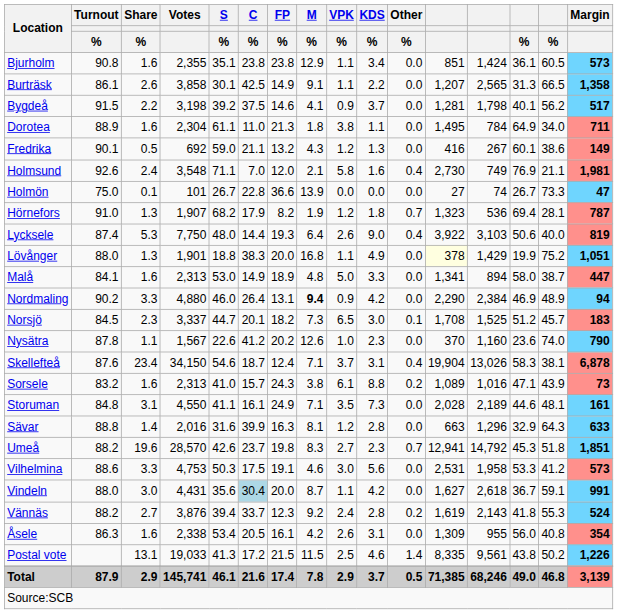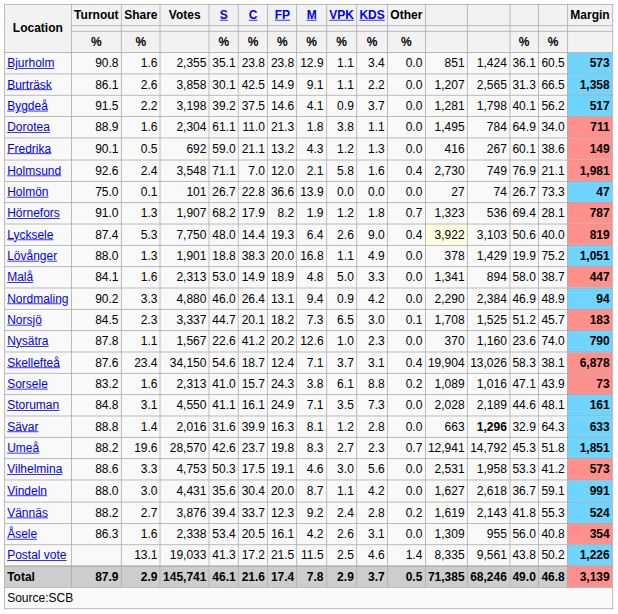 <table class="wikitable sortable" style="text-align:right; font-size:95%; line-height:20px;">
 <tr>
 <th rowspan="3">Location</th>
 <th>Turnout</th>
 <th>Share</th>
 <th>Votes</th>
 <th width="30px" class="unsortable"><a href='#'>S</a></th>
 <th width="30px" class="unsortable"><a href='#'>C</a></th>
 <th width="30px" class="unsortable"><a href='#'>FP</a></th>
 <th width="30px" class="unsortable"><a href='#'>M</a></th>
 <th width="30px" class="unsortable"><a href='#'>VPK</a></th>
 <th width="30px" class="unsortable"><a href='#'>KDS</a></th>
 <th width="30px" class="unsortable">Other</th>
 <th></th>
 <th></th>
 <th></th>
 <th></th>
 <th>Margin</th>
 </tr>
 <tr>
 <th></th>
 <th></th>
 <th></th>
 <th style="background:"></th>
 <th style="background:"></th>
 <th style="background:"></th>
 <th style="background:"></th>
 <th style="background:"></th>
 <th style="background:"></th>
 <th style="background:"></th>
 <th style="background:"></th>
 <th style="background:"></th>
 <th style="background:"></th>
 <th style="background:"></th>
 <th></th>
 </tr>
 <tr>
 <th data-sort-type="number">%</th>
 <th data-sort-type="number">%</th>
 <th></th>
 <th data-sort-type="number">%</th>
 <th data-sort-type="number">%</th>
 <th data-sort-type="number">%</th>
 <th data-sort-type="number">%</th>
 <th data-sort-type="number">%</th>
 <th data-sort-type="number">%</th>
 <th data-sort-type="number">%</th>
 <th data-sort-type="number"></th>
 <th data-sort-type="number"></th>
 <th data-sort-type="number">%</th>
 <th data-sort-type="number">%</th>
 <th data-sort-type="number"></th>
 </tr>
 <tr>
 <td align=left><a href='#'>Bjurholm</a></td>
 <td>90.8</td>
 <td>1.6</td>
 <td>2,355</td>
 <td>35.1</td>
 <td>23.8</td>
 <td>23.8</td>
 <td>12.9</td>
 <td>1.1</td>
 <td>3.4</td>
 <td>0.0</td>
 <td>851</td>
 <td>1,424</td>
 <td>36.1</td>
 <td>60.5</td>
 <td bgcolor=#6fd5fe><strong>573</strong></td>
 </tr>
 <tr>
 <td align=left><a href='#'>Burträsk</a></td>
 <td>86.1</td>
 <td>2.6</td>
 <td>3,858</td>
 <td>30.1</td>
 <td>42.5</td>
 <td>14.9</td>
 <td>9.1</td>
 <td>1.1</td>
 <td>2.2</td>
 <td>0.0</td>
 <td>1,207</td>
 <td>2,565</td>
 <td>31.3</td>
 <td>66.5</td>
 <td bgcolor=#6fd5fe><strong>1,358</strong></td>
 </tr>
 <tr>
 <td align=left><a href='#'>Bygdeå</a></td>
 <td>91.5</td>
 <td>2.2</td>
 <td>3,198</td>
 <td>39.2</td>
 <td>37.5</td>
 <td>14.6</td>
 <td>4.1</td>
 <td>0.9</td>
 <td>3.7</td>
 <td>0.0</td>
 <td>1,281</td>
 <td>1,798</td>
 <td>40.1</td>
 <td>56.2</td>
 <td bgcolor=#6fd5fe><strong>517</strong></td>
 </tr>
 <tr>
 <td align=left><a href='#'>Dorotea</a></td>
 <td>88.9</td>
 <td>1.6</td>
 <td>2,304</td>
 <td>61.1</td>
 <td>11.0</td>
 <td>21.3</td>
 <td>1.8</td>
 <td>3.8</td>
 <td>1.1</td>
 <td>0.0</td>
 <td>1,495</td>
 <td>784</td>
 <td>64.9</td>
 <td>34.0</td>
 <td bgcolor=#ff908c><strong>711</strong></td>
 </tr>
 <tr>
 <td align=left><a href='#'>Fredrika</a></td>
 <td>90.1</td>
 <td>0.5</td>
 <td>692</td>
 <td>59.0</td>
 <td>21.1</td>
 <td>13.2</td>
 <td>4.3</td>
 <td>1.2</td>
 <td>1.3</td>
 <td>0.0</td>
 <td>416</td>
 <td>267</td>
 <td>60.1</td>
 <td>38.6</td>
 <td bgcolor=#ff908c><strong>149</strong></td>
 </tr>
 <tr>
 <td align=left><a href='#'>Holmsund</a></td>
 <td>92.6</td>
 <td>2.4</td>
 <td>3,548</td>
 <td>71.1</td>
 <td>7.0</td>
 <td>12.0</td>
 <td>2.1</td>
 <td>5.8</td>
 <td>1.6</td>
 <td>0.4</td>
 <td>2,730</td>
 <td>749</td>
 <td>76.9</td>
 <td>21.1</td>
 <td bgcolor=#ff908c><strong>1,981</strong></td>
 </tr>
 <tr>
 <td align=left><a href='#'>Holmön</a></td>
 <td>75.0</td>
 <td>0.1</td>
 <td>101</td>
 <td>26.7</td>
 <td>22.8</td>
 <td>36.6</td>
 <td>13.9</td>
 <td>0.0</td>
 <td>0.0</td>
 <td>0.0</td>
 <td>27</td>
 <td>74</td>
 <td>26.7</td>
 <td>73.3</td>
 <td bgcolor=#6fd5fe><strong>47</strong></td>
 </tr>
 <tr>
 <td align=left><a href='#'>Hörnefors</a></td>
 <td>91.0</td>
 <td>1.3</td>
 <td>1,907</td>
 <td>68.2</td>
 <td>17.9</td>
 <td>8.2</td>
 <td>1.9</td>
 <td>1.2</td>
 <td>1.8</td>
 <td>0.7</td>
 <td>1,323</td>
 <td>536</td>
 <td>69.4</td>
 <td>28.1</td>
 <td bgcolor=#ff908c><strong>787</strong></td>
 </tr>
 <tr>
 <td align=left><a href='#'>Lycksele</a></td>
 <td>87.4</td>
 <td>5.3</td>
 <td>7,750</td>
 <td>48.0</td>
 <td>14.4</td>
 <td>19.3</td>
 <td>6.4</td>
 <td>2.6</td>
 <td>9.0</td>
 <td>0.4</td>
-<td>3,922</td>
+<td style="background: lightyellow;">3,922</td>
 <td>3,103</td>
 <td>50.6</td>
 <td>40.0</td>
 <td bgcolor=#ff908c><strong>819</strong></td>
 </tr>
 <tr>
 <td align=left><a href='#'>Lövånger</a></td>
 <td>88.0</td>
 <td>1.3</td>
 <td>1,901</td>
 <td>18.8</td>
 <td>38.3</td>
 <td>20.0</td>
 <td>16.8</td>
 <td>1.1</td>
 <td>4.9</td>
 <td>0.0</td>
-<td style="background: lightyellow;">378</td>
+<td>378</td>
 <td>1,429</td>
 <td>19.9</td>
 <td>75.2</td>
 <td bgcolor=#6fd5fe><strong>1,051</strong></td>
 </tr>
 <tr>
 <td align=left><a href='#'>Malå</a></td>
 <td>84.1</td>
 <td>1.6</td>
 <td>2,313</td>
 <td>53.0</td>
 <td>14.9</td>
 <td>18.9</td>
 <td>4.8</td>
 <td>5.0</td>
 <td>3.3</td>
 <td>0.0</td>
 <td>1,341</td>
 <td>894</td>
 <td>58.0</td>
 <td>38.7</td>
 <td bgcolor=#ff908c><strong>447</strong></td>
 </tr>
 <tr>
 <td align=left><a href='#'>Nordmaling</a></td>
 <td>90.2</td>
 <td>3.3</td>
 <td>4,880</td>
 <td>46.0</td>
 <td>26.4</td>
 <td>13.1</td>
-<td><strong>9.4</strong></td>
+<td>9.4</td>
 <td>0.9</td>
 <td>4.2</td>
 <td>0.0</td>
 <td>2,290</td>
 <td>2,384</td>
 <td>46.9</td>
 <td>48.9</td>
 <td bgcolor=#6fd5fe><strong>94</strong></td>
 </tr>
 <tr>
 <td align=left><a href='#'>Norsjö</a></td>
 <td>84.5</td>
 <td>2.3</td>
 <td>3,337</td>
 <td>44.7</td>
 <td>20.1</td>
 <td>18.2</td>
 <td>7.3</td>
 <td>6.5</td>
 <td>3.0</td>
 <td>0.1</td>
 <td>1,708</td>
 <td>1,525</td>
 <td>51.2</td>
 <td>45.7</td>
 <td bgcolor=#ff908c><strong>183</strong></td>
 </tr>
 <tr>
 <td align=left><a href='#'>Nysätra</a></td>
 <td>87.8</td>
 <td>1.1</td>
 <td>1,567</td>
 <td>22.6</td>
 <td>41.2</td>
 <td>20.2</td>
 <td>12.6</td>
 <td>1.0</td>
 <td>2.3</td>
 <td>0.0</td>
 <td>370</td>
 <td>1,160</td>
 <td>23.6</td>
 <td>74.0</td>
 <td bgcolor=#6fd5fe><strong>790</strong></td>
 </tr>
 <tr>
 <td align=left><a href='#'>Skellefteå</a></td>
 <td>87.6</td>
 <td>23.4</td>
 <td>34,150</td>
 <td>54.6</td>
 <td>18.7</td>
 <td>12.4</td>
 <td>7.1</td>
 <td>3.7</td>
 <td>3.1</td>
 <td>0.4</td>
 <td>19,904</td>
 <td>13,026</td>
 <td>58.3</td>
 <td>38.1</td>
 <td bgcolor=#ff908c><strong>6,878</strong></td>
 </tr>
 <tr>
 <td align=left><a href='#'>Sorsele</a></td>
 <td>83.2</td>
 <td>1.6</td>
 <td>2,313</td>
 <td>41.0</td>
 <td>15.7</td>
 <td>24.3</td>
 <td>3.8</td>
 <td>6.1</td>
 <td>8.8</td>
 <td>0.2</td>
 <td>1,089</td>
 <td>1,016</td>
 <td>47.1</td>
 <td>43.9</td>
 <td bgcolor=#ff908c><strong>73</strong></td>
 </tr>
 <tr>
 <td align=left><a href='#'>Storuman</a></td>
 <td>84.8</td>
 <td>3.1</td>
 <td>4,550</td>
 <td>41.1</td>
 <td>16.1</td>
 <td>24.9</td>
 <td>7.1</td>
 <td>3.5</td>
 <td>7.3</td>
 <td>0.0</td>
 <td>2,028</td>
 <td>2,189</td>
 <td>44.6</td>
 <td>48.1</td>
 <td bgcolor=#6fd5fe><strong>161</strong></td>
 </tr>
 <tr>
 <td align=left><a href='#'>Sävar</a></td>
 <td>88.8</td>
 <td>1.4</td>
 <td>2,016</td>
 <td>31.6</td>
 <td>39.9</td>
 <td>16.3</td>
 <td>8.1</td>
 <td>1.2</td>
 <td>2.8</td>
 <td>0.0</td>
 <td>663</td>
-<td>1,296</td>
+<td><strong>1,296</strong></td>
 <td>32.9</td>
 <td>64.3</td>
 <td bgcolor=#6fd5fe><strong>633</strong></td>
 </tr>
 <tr>
 <td align=left><a href='#'>Umeå</a></td>
 <td>88.2</td>
 <td>19.6</td>
 <td>28,570</td>
 <td>42.6</td>
 <td>23.7</td>
 <td>19.8</td>
 <td>8.3</td>
 <td>2.7</td>
 <td>2.3</td>
 <td>0.7</td>
 <td>12,941</td>
 <td>14,792</td>
 <td>45.3</td>
 <td>51.8</td>
 <td bgcolor=#6fd5fe><strong>1,851</strong></td>
 </tr>
 <tr>
 <td align=left><a href='#'>Vilhelmina</a></td>
 <td>88.6</td>
 <td>3.3</td>
 <td>4,753</td>
 <td>50.3</td>
 <td>17.5</td>
 <td>19.1</td>
 <td>4.6</td>
 <td>3.0</td>
 <td>5.6</td>
 <td>0.0</td>
 <td>2,531</td>
 <td>1,958</td>
 <td>53.3</td>
 <td>41.2</td>
 <td bgcolor=#ff908c><strong>573</strong></td>
 </tr>
 <tr>
 <td align=left><a href='#'>Vindeln</a></td>
 <td>88.0</td>
 <td>3.0</td>
 <td>4,431</td>
 <td>35.6</td>
-<td style="background: lightblue;">30.4</td>
+<td>30.4</td>
 <td>20.0</td>
 <td>8.7</td>
 <td>1.1</td>
 <td>4.2</td>
 <td>0.0</td>
 <td>1,627</td>
 <td>2,618</td>
 <td>36.7</td>
 <td>59.1</td>
 <td bgcolor=#6fd5fe><strong>991</strong></td>
 </tr>
 <tr>
 <td align=left><a href='#'>Vännäs</a></td>
 <td>88.2</td>
 <td>2.7</td>
 <td>3,876</td>
 <td>39.4</td>
 <td>33.7</td>
 <td>12.3</td>
 <td>9.2</td>
 <td>2.4</td>
 <td>2.8</td>
 <td>0.2</td>
 <td>1,619</td>
 <td>2,143</td>
 <td>41.8</td>
 <td>55.3</td>
 <td bgcolor=#6fd5fe><strong>524</strong></td>
 </tr>
 <tr>
 <td align=left><a href='#'>Åsele</a></td>
 <td>86.3</td>
 <td>1.6</td>
 <td>2,338</td>
 <td>53.4</td>
 <td>20.5</td>
 <td>16.1</td>
 <td>4.2</td>
 <td>2.6</td>
 <td>3.1</td>
 <td>0.0</td>
 <td>1,309</td>
 <td>955</td>
 <td>56.0</td>
 <td>40.8</td>
 <td bgcolor=#ff908c><strong>354</strong></td>
 </tr>
 <tr>
 <td align=left><a href='#'>Postal vote</a></td>
 <td></td>
 <td>13.1</td>
 <td>19,033</td>
 <td>41.3</td>
 <td>17.2</td>
 <td>21.5</td>
 <td>11.5</td>
 <td>2.5</td>
 <td>4.6</td>
 <td>1.4</td>
 <td>8,335</td>
 <td>9,561</td>
 <td>43.8</td>
 <td>50.2</td>
 <td bgcolor=#6fd5fe><strong>1,226</strong></td>
 </tr>
 <tr>
 </tr>
 <tr style="background:#CDCDCD;">
 <td align=left><strong>Total</strong></td>
 <td><strong>87.9</strong></td>
 <td><strong>2.9</strong></td>
 <td><strong>145,741</strong></td>
 <td><strong>46.1</strong></td>
 <td><strong>21.6</strong></td>
 <td><strong>17.4</strong></td>
 <td><strong>7.8</strong></td>
 <td><strong>2.9</strong></td>
 <td><strong>3.7</strong></td>
 <td><strong>0.5</strong></td>
 <td><strong>71,385</strong></td>
 <td><strong>68,246</strong></td>
 <td><strong>49.0</strong></td>
 <td><strong>46.8</strong></td>
 <td bgcolor=#ff908c><strong>3,139</strong></td>
 </tr>
 <tr>
 <td align=left colspan=16>Source:SCB </td>
 </tr>
 </table>
